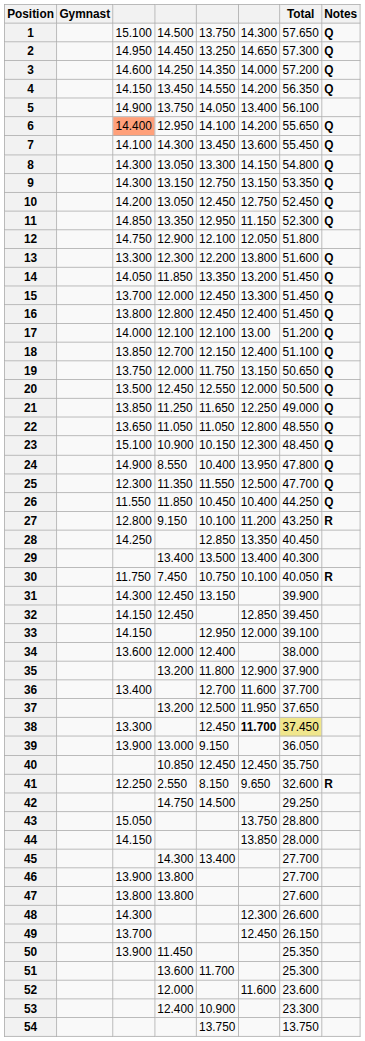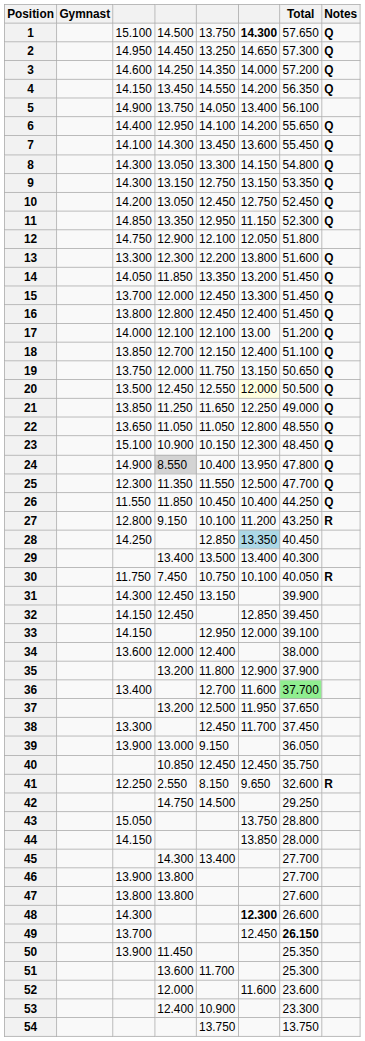 <table class="wikitable sortable" style="text-align:left; font-size:95%">
 <tr>
 <th scope=col>Position</th>
 <th scope=col>Gymnast</th>
 <th scope=col></th>
 <th scope=col></th>
 <th scope=col></th>
 <th scope=col></th>
 <th scope=col>Total</th>
 <th scope=col>Notes</th>
 </tr>
 <tr>
 <th scope=row>1</th>
 <td align=left></td>
 <td>15.100</td>
 <td>14.500</td>
 <td>13.750</td>
-<td>14.300</td>
+<td><strong>14.300</strong></td>
 <td>57.650</td>
 <td><strong>Q</strong></td>
 </tr>
 <tr>
 <th scope=row>2</th>
 <td align=left></td>
 <td>14.950</td>
 <td>14.450</td>
 <td>13.250</td>
 <td>14.650</td>
 <td>57.300</td>
 <td><strong>Q</strong></td>
 </tr>
 <tr>
 <th scope=row>3</th>
 <td align=left></td>
 <td>14.600</td>
 <td>14.250</td>
 <td>14.350</td>
 <td>14.000</td>
 <td>57.200</td>
 <td><strong>Q</strong></td>
 </tr>
 <tr>
 <th scope=row>4</th>
 <td align=left></td>
 <td>14.150</td>
 <td>13.450</td>
 <td>14.550</td>
 <td>14.200</td>
 <td>56.350</td>
 <td><strong>Q</strong></td>
 </tr>
 <tr>
 <th scope=row>5</th>
 <td align=left></td>
 <td>14.900</td>
 <td>13.750</td>
 <td>14.050</td>
 <td>13.400</td>
 <td>56.100</td>
 <td></td>
 </tr>
 <tr>
 <th scope=row>6</th>
 <td align=left></td>
-<td style="background: lightsalmon;">14.400</td>
+<td>14.400</td>
 <td>12.950</td>
 <td>14.100</td>
 <td>14.200</td>
 <td>55.650</td>
 <td><strong>Q</strong></td>
 </tr>
 <tr>
 <th scope=row>7</th>
 <td align=left></td>
 <td>14.100</td>
 <td>14.300</td>
 <td>13.450</td>
 <td>13.600</td>
 <td>55.450</td>
 <td><strong>Q</strong></td>
 </tr>
 <tr>
 <th scope=row>8</th>
 <td align=left></td>
 <td>14.300</td>
 <td>13.050</td>
 <td>13.300</td>
 <td>14.150</td>
 <td>54.800</td>
 <td><strong>Q</strong></td>
 </tr>
 <tr>
 <th scope=row>9</th>
 <td align=left></td>
 <td>14.300</td>
 <td>13.150</td>
 <td>12.750</td>
 <td>13.150</td>
 <td>53.350</td>
 <td><strong>Q</strong></td>
 </tr>
 <tr>
 <th scope=row>10</th>
 <td align=left></td>
 <td>14.200</td>
 <td>13.050</td>
 <td>12.450</td>
 <td>12.750</td>
 <td>52.450</td>
 <td><strong>Q</strong></td>
 </tr>
 <tr>
 <th scope=row>11</th>
 <td align=left></td>
 <td>14.850</td>
 <td>13.350</td>
 <td>12.950</td>
 <td>11.150</td>
 <td>52.300</td>
 <td><strong>Q</strong></td>
 </tr>
 <tr>
 <th scope=row>12</th>
 <td align=left></td>
 <td>14.750</td>
 <td>12.900</td>
 <td>12.100</td>
 <td>12.050</td>
 <td>51.800</td>
 <td></td>
 </tr>
 <tr>
 <th scope=row>13</th>
 <td align=left></td>
 <td>13.300</td>
 <td>12.300</td>
 <td>12.200</td>
 <td>13.800</td>
 <td>51.600</td>
 <td><strong>Q</strong></td>
 </tr>
 <tr>
 <th scope=row>14</th>
 <td align=left></td>
 <td>14.050</td>
 <td>11.850</td>
 <td>13.350</td>
 <td>13.200</td>
 <td>51.450</td>
 <td><strong>Q</strong></td>
 </tr>
 <tr>
 <th scope=row>15</th>
 <td align=left></td>
 <td>13.700</td>
 <td>12.000</td>
 <td>12.450</td>
 <td>13.300</td>
 <td>51.450</td>
 <td><strong>Q</strong></td>
 </tr>
 <tr>
 <th scope=row>16</th>
 <td align=left></td>
 <td>13.800</td>
 <td>12.800</td>
 <td>12.450</td>
 <td>12.400</td>
 <td>51.450</td>
 <td><strong>Q</strong></td>
 </tr>
 <tr>
 <th scope=row>17</th>
 <td align=left></td>
 <td>14.000</td>
 <td>12.100</td>
 <td>12.100</td>
 <td>13.00</td>
 <td>51.200</td>
 <td><strong>Q</strong></td>
 </tr>
 <tr>
 <th scope=row>18</th>
 <td align=left></td>
 <td>13.850</td>
 <td>12.700</td>
 <td>12.150</td>
 <td>12.400</td>
 <td>51.100</td>
 <td><strong>Q</strong></td>
 </tr>
 <tr>
 <th scope=row>19</th>
 <td align=left></td>
 <td>13.750</td>
 <td>12.000</td>
 <td>11.750</td>
 <td>13.150</td>
 <td>50.650</td>
 <td><strong>Q</strong></td>
 </tr>
 <tr>
 <th scope=row>20</th>
 <td align=left></td>
 <td>13.500</td>
 <td>12.450</td>
 <td>12.550</td>
-<td>12.000</td>
+<td style="background: lightyellow;">12.000</td>
 <td>50.500</td>
 <td><strong>Q</strong></td>
 </tr>
 <tr>
 <th scope=row>21</th>
 <td align=left></td>
 <td>13.850</td>
 <td>11.250</td>
 <td>11.650</td>
 <td>12.250</td>
 <td>49.000</td>
 <td><strong>Q</strong></td>
 </tr>
 <tr>
 <th scope=row>22</th>
 <td align=left></td>
 <td>13.650</td>
 <td>11.050</td>
 <td>11.050</td>
 <td>12.800</td>
 <td>48.550</td>
 <td><strong>Q</strong></td>
 </tr>
 <tr>
 <th scope=row>23</th>
 <td align=left></td>
 <td>15.100</td>
 <td>10.900</td>
 <td>10.150</td>
 <td>12.300</td>
 <td>48.450</td>
 <td><strong>Q</strong></td>
 </tr>
 <tr>
 <th scope=row>24</th>
 <td align=left></td>
 <td>14.900</td>
-<td>8.550</td>
+<td style="background: lightgrey;">8.550</td>
 <td>10.400</td>
 <td>13.950</td>
 <td>47.800</td>
 <td><strong>Q</strong></td>
 </tr>
 <tr>
 <th scope=row>25</th>
 <td align=left></td>
 <td>12.300</td>
 <td>11.350</td>
 <td>11.550</td>
 <td>12.500</td>
 <td>47.700</td>
 <td><strong>Q</strong></td>
 </tr>
 <tr>
 <th scope=row>26</th>
 <td align=left></td>
 <td>11.550</td>
 <td>11.850</td>
 <td>10.450</td>
 <td>10.400</td>
 <td>44.250</td>
 <td><strong>Q</strong></td>
 </tr>
 <tr>
 <th scope=row>27</th>
 <td align=left></td>
 <td>12.800</td>
 <td>9.150</td>
 <td>10.100</td>
 <td>11.200</td>
 <td>43.250</td>
 <td><strong>R</strong></td>
 </tr>
 <tr>
 <th scope=row>28</th>
 <td align=left></td>
 <td>14.250</td>
 <td></td>
 <td>12.850</td>
-<td>13.350</td>
+<td style="background: lightblue;">13.350</td>
 <td>40.450</td>
 <td></td>
 </tr>
 <tr>
 <th scope=row>29</th>
 <td align=left></td>
 <td></td>
 <td>13.400</td>
 <td>13.500</td>
 <td>13.400</td>
 <td>40.300</td>
 <td></td>
 </tr>
 <tr>
 <th scope=row>30</th>
 <td align=left></td>
 <td>11.750</td>
 <td>7.450</td>
 <td>10.750</td>
 <td>10.100</td>
 <td>40.050</td>
 <td><strong>R</strong></td>
 </tr>
 <tr>
 <th scope=row>31</th>
 <td align=left></td>
 <td>14.300</td>
 <td>12.450</td>
 <td>13.150</td>
 <td></td>
 <td>39.900</td>
 <td></td>
 </tr>
 <tr>
 <th scope=row>32</th>
 <td align=left></td>
 <td>14.150</td>
 <td>12.450</td>
 <td></td>
 <td>12.850</td>
 <td>39.450</td>
 <td></td>
 </tr>
 <tr>
 <th scope=row>33</th>
 <td align=left></td>
 <td>14.150</td>
 <td></td>
 <td>12.950</td>
 <td>12.000</td>
 <td>39.100</td>
 <td></td>
 </tr>
 <tr>
 <th scope=row>34</th>
 <td align=left></td>
 <td>13.600</td>
 <td>12.000</td>
 <td>12.400</td>
 <td></td>
 <td>38.000</td>
 <td></td>
 </tr>
 <tr>
 <th scope=row>35</th>
 <td align=left></td>
 <td></td>
 <td>13.200</td>
 <td>11.800</td>
 <td>12.900</td>
 <td>37.900</td>
 <td></td>
 </tr>
 <tr>
 <th scope=row>36</th>
 <td align=left></td>
 <td>13.400</td>
 <td></td>
 <td>12.700</td>
 <td>11.600</td>
-<td>37.700</td>
+<td style="background: lightgreen;">37.700</td>
 <td></td>
 </tr>
 <tr>
 <th scope=row>37</th>
 <td align=left></td>
 <td></td>
 <td>13.200</td>
 <td>12.500</td>
 <td>11.950</td>
 <td>37.650</td>
 <td></td>
 </tr>
 <tr>
 <th scope=row>38</th>
 <td align=left></td>
 <td>13.300</td>
 <td></td>
 <td>12.450</td>
-<td><strong>11.700</strong></td>
-<td style="background: khaki;">37.450</td>
+<td>11.700</td>
+<td>37.450</td>
 <td></td>
 </tr>
 <tr>
 <th scope=row>39</th>
 <td align=left></td>
 <td>13.900</td>
 <td>13.000</td>
 <td>9.150</td>
 <td></td>
 <td>36.050</td>
 <td></td>
 </tr>
 <tr>
 <th scope=row>40</th>
 <td align=left></td>
 <td></td>
 <td>10.850</td>
 <td>12.450</td>
 <td>12.450</td>
 <td>35.750</td>
 <td></td>
 </tr>
 <tr>
 <th scope=row>41</th>
 <td align=left></td>
 <td>12.250</td>
 <td>2.550</td>
 <td>8.150</td>
 <td>9.650</td>
 <td>32.600</td>
 <td><strong>R</strong></td>
 </tr>
 <tr>
 <th scope=row>42</th>
 <td align=left></td>
 <td></td>
 <td>14.750</td>
 <td>14.500</td>
 <td></td>
 <td>29.250</td>
 <td></td>
 </tr>
 <tr>
 <th scope=row>43</th>
 <td align=left></td>
 <td>15.050</td>
 <td></td>
 <td></td>
 <td>13.750</td>
 <td>28.800</td>
 <td></td>
 </tr>
 <tr>
 <th scope=row>44</th>
 <td align=left></td>
 <td>14.150</td>
 <td></td>
 <td></td>
 <td>13.850</td>
 <td>28.000</td>
 <td></td>
 </tr>
 <tr>
 <th scope=row>45</th>
 <td align=left></td>
 <td></td>
 <td>14.300</td>
 <td>13.400</td>
 <td></td>
 <td>27.700</td>
 <td></td>
 </tr>
 <tr>
 <th scope=row>46</th>
 <td align=left></td>
 <td>13.900</td>
 <td>13.800</td>
 <td></td>
 <td></td>
 <td>27.700</td>
 <td></td>
 </tr>
 <tr>
 <th scope=row>47</th>
 <td align=left></td>
 <td>13.800</td>
 <td>13.800</td>
 <td></td>
 <td></td>
 <td>27.600</td>
 <td></td>
 </tr>
 <tr>
 <th scope=row>48</th>
 <td align=left></td>
 <td>14.300</td>
 <td></td>
 <td></td>
-<td>12.300</td>
+<td><strong>12.300</strong></td>
 <td>26.600</td>
 <td></td>
 </tr>
 <tr>
 <th scope=row>49</th>
 <td align=left></td>
 <td>13.700</td>
 <td></td>
 <td></td>
 <td>12.450</td>
-<td>26.150</td>
+<td><strong>26.150</strong></td>
 <td></td>
 </tr>
 <tr>
 <th scope=row>50</th>
 <td align=left></td>
 <td>13.900</td>
 <td>11.450</td>
 <td></td>
 <td></td>
 <td>25.350</td>
 <td></td>
 </tr>
 <tr>
 <th scope=row>51</th>
 <td align=left></td>
 <td></td>
 <td>13.600</td>
 <td>11.700</td>
 <td></td>
 <td>25.300</td>
 <td></td>
 </tr>
 <tr>
 <th scope=row>52</th>
 <td align=left></td>
 <td></td>
 <td>12.000</td>
 <td></td>
 <td>11.600</td>
 <td>23.600</td>
 <td></td>
 </tr>
 <tr>
 <th scope=row>53</th>
 <td align=left></td>
 <td></td>
 <td>12.400</td>
 <td>10.900</td>
 <td></td>
 <td>23.300</td>
 <td></td>
 </tr>
 <tr>
 <th scope=row>54</th>
 <td align=left></td>
 <td></td>
 <td></td>
 <td>13.750</td>
 <td></td>
 <td>13.750</td>
 <td></td>
 </tr>
 </table>
